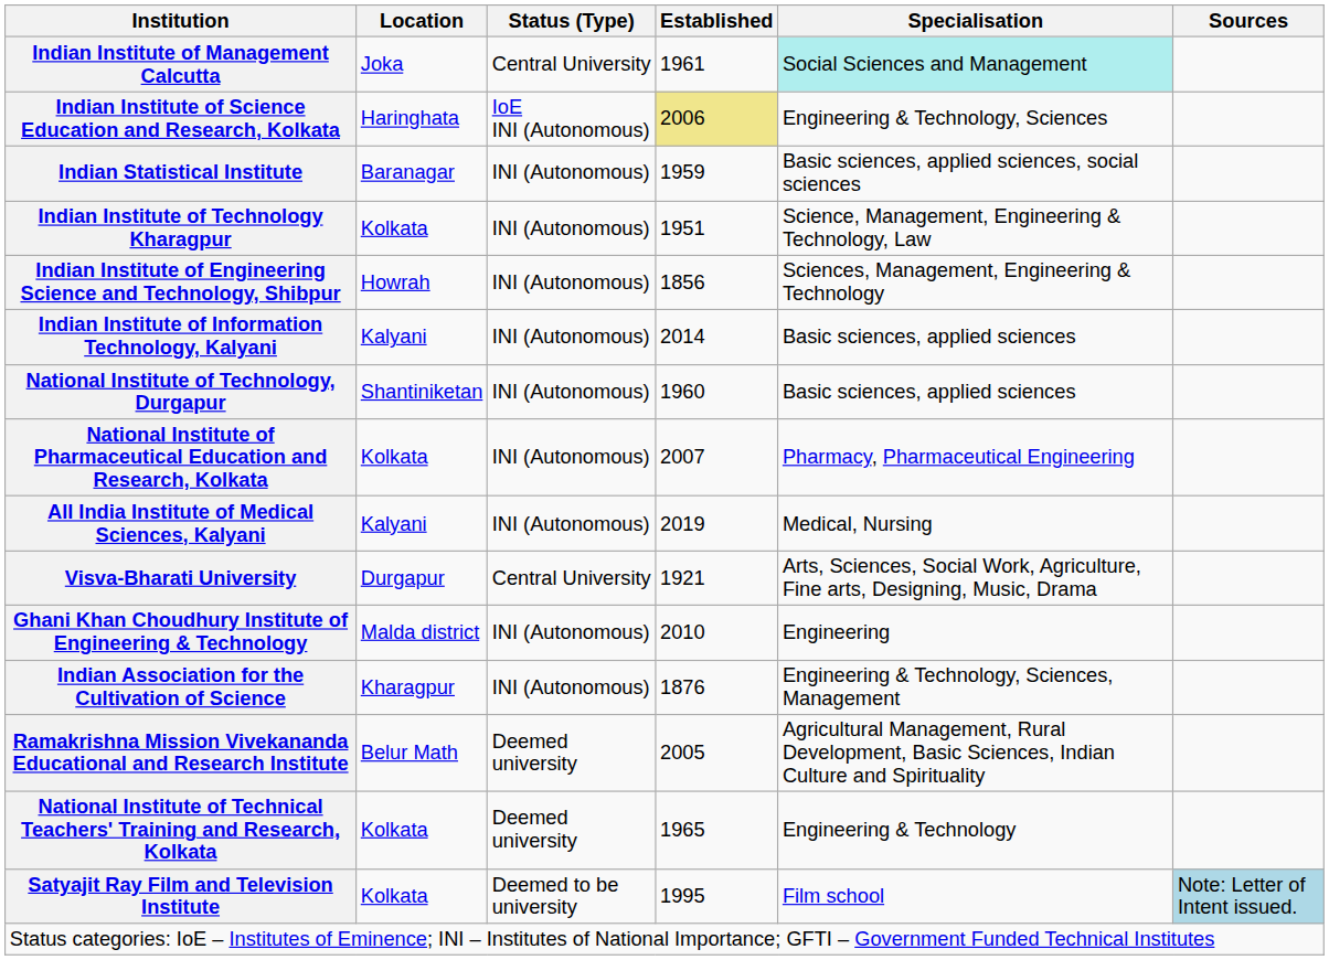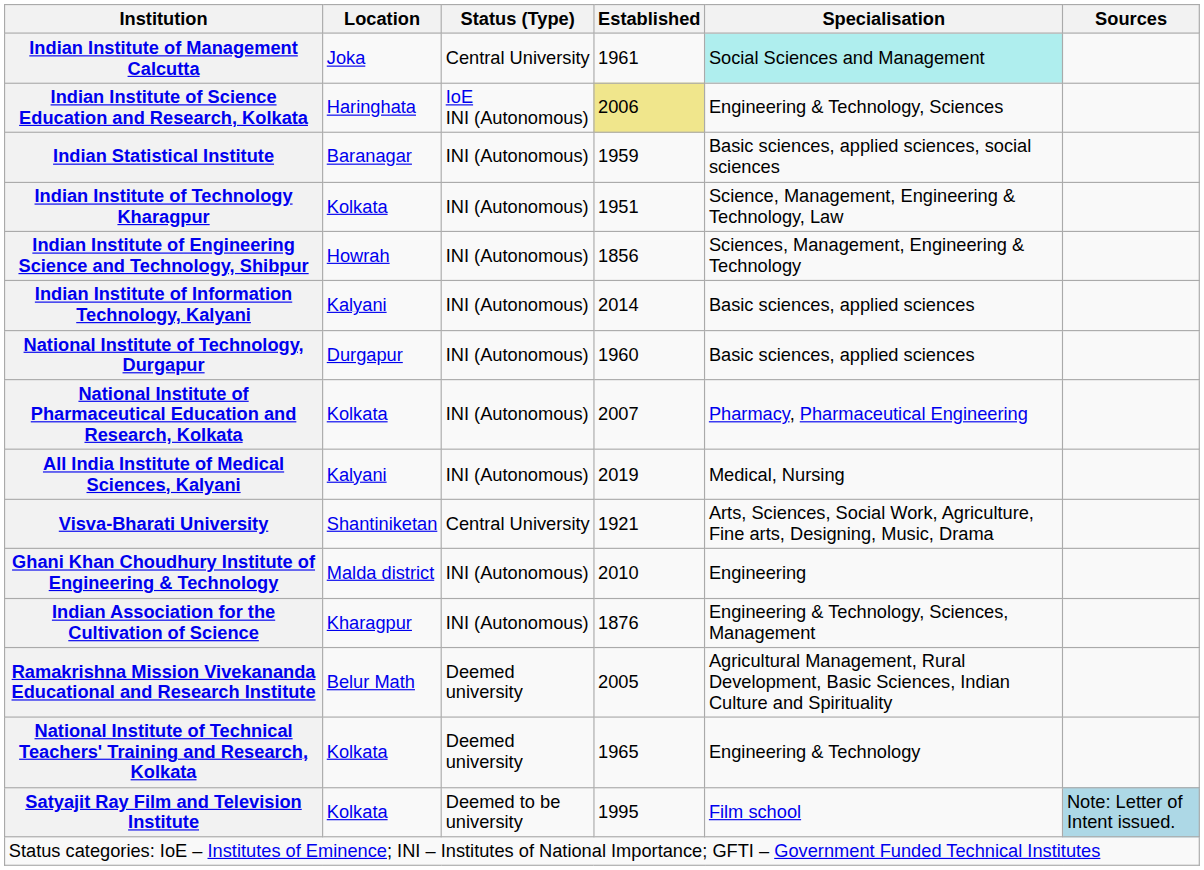 <table class="wikitable sortable static-row-numbers sticky-header collapsible plainrowheaders" style="-align:left; width:83%;">
 <tr>
 <th>Institution</th>
 <th>Location</th>
 <th>Status (Type)</th>
 <th>Established</th>
 <th>Specialisation</th>
 <th>Sources</th>
 </tr>
 <tr>
 <th scope="row"><a href='#'>Indian Institute of Management Calcutta</a></th>
 <td><a href='#'>Joka</a></td>
 <td>Central University</td>
 <td>1961</td>
 <td style="background: paleturquoise;">Social Sciences and Management</td>
 <td></td>
 </tr>
 <tr>
 <th scope="row"><a href='#'>Indian Institute of Science Education and Research, Kolkata</a></th>
 <td><a href='#'>Haringhata</a></td>
 <td><a href='#'>IoE</a><br>INI (Autonomous)</td>
 <td style="background: khaki;">2006</td>
 <td>Engineering & Technology, Sciences</td>
 <td></td>
 </tr>
 <tr>
 <th scope="row"><a href='#'>Indian Statistical Institute</a></th>
 <td><a href='#'>Baranagar</a></td>
 <td>INI (Autonomous)</td>
 <td>1959</td>
 <td>Basic sciences, applied sciences, social sciences</td>
 <td></td>
 </tr>
 <tr>
 <th scope="row"><a href='#'>Indian Institute of Technology Kharagpur</a></th>
 <td><a href='#'>Kolkata</a></td>
 <td>INI (Autonomous)</td>
 <td>1951</td>
 <td>Science, Management, Engineering & Technology, Law</td>
 <td></td>
 </tr>
 <tr>
 <th scope="row"><a href='#'>Indian Institute of Engineering Science and Technology, Shibpur</a></th>
 <td><a href='#'>Howrah</a></td>
 <td>INI (Autonomous)</td>
 <td>1856</td>
 <td>Sciences, Management, Engineering & Technology</td>
 <td></td>
 </tr>
 <tr>
 <th scope="row"><a href='#'>Indian Institute of Information Technology, Kalyani</a></th>
 <td><a href='#'>Kalyani</a></td>
 <td>INI (Autonomous)</td>
 <td>2014</td>
 <td>Basic sciences, applied sciences</td>
 <td></td>
 </tr>
 <tr>
 <th scope="row"><a href='#'>National Institute of Technology, Durgapur</a></th>
-<td><a href='#'>Shantiniketan</a></td>
+<td><a href='#'>Durgapur</a></td>
 <td>INI (Autonomous)</td>
 <td>1960</td>
 <td>Basic sciences, applied sciences</td>
 <td></td>
 </tr>
 <tr>
 <th scope="row"><a href='#'>National Institute of Pharmaceutical Education and Research, Kolkata</a></th>
 <td><a href='#'>Kolkata</a></td>
 <td>INI (Autonomous)</td>
 <td>2007</td>
 <td><a href='#'>Pharmacy</a>, <a href='#'>Pharmaceutical Engineering</a></td>
 <td></td>
 </tr>
 <tr>
 <th scope="row"><a href='#'>All India Institute of Medical Sciences, Kalyani</a></th>
 <td><a href='#'>Kalyani</a></td>
 <td>INI (Autonomous)</td>
 <td>2019</td>
 <td>Medical, Nursing</td>
 <td></td>
 </tr>
 <tr>
 <th scope="row"><a href='#'>Visva-Bharati University</a></th>
-<td><a href='#'>Durgapur</a></td>
+<td><a href='#'>Shantiniketan</a></td>
 <td>Central University</td>
 <td>1921</td>
 <td>Arts, Sciences, Social Work, Agriculture, Fine arts, Designing, Music, Drama</td>
 <td></td>
 </tr>
 <tr>
 <th scope="row"><a href='#'>Ghani Khan Choudhury Institute of Engineering & Technology</a></th>
 <td><a href='#'>Malda district</a></td>
 <td>INI (Autonomous)</td>
 <td>2010</td>
 <td>Engineering</td>
 <td></td>
 </tr>
 <tr>
 <th scope="row"><a href='#'>Indian Association for the Cultivation of Science</a></th>
 <td><a href='#'>Kharagpur</a></td>
 <td>INI (Autonomous)</td>
 <td>1876</td>
 <td>Engineering & Technology, Sciences, Management</td>
 <td></td>
 </tr>
 <tr>
 <th scope="row"><a href='#'>Ramakrishna Mission Vivekananda Educational and Research Institute</a></th>
 <td><a href='#'>Belur Math</a></td>
 <td>Deemed university</td>
 <td>2005</td>
 <td>Agricultural Management, Rural Development, Basic Sciences, Indian Culture and Spirituality</td>
 <td></td>
 </tr>
 <tr>
 <th scope="row"><a href='#'>National Institute of Technical Teachers' Training and Research, Kolkata</a></th>
 <td><a href='#'>Kolkata</a></td>
 <td>Deemed university</td>
 <td>1965</td>
 <td>Engineering & Technology</td>
 <td></td>
 </tr>
 <tr>
 <th scope="row"><a href='#'>Satyajit Ray Film and Television Institute</a></th>
 <td><a href='#'>Kolkata</a></td>
 <td>Deemed to be university</td>
 <td>1995</td>
 <td><a href='#'>Film school</a></td>
 <td style="background: lightblue;">Note: Letter of Intent issued.</td>
 </tr>
 <tr class="sortbottom static-row-header">
 <td colspan=6>Status categories: IoE – <a href='#'>Institutes of Eminence</a>; INI – Institutes of National Importance; GFTI – <a href='#'>Government Funded Technical Institutes</a></td>
 </tr>
 </table>
